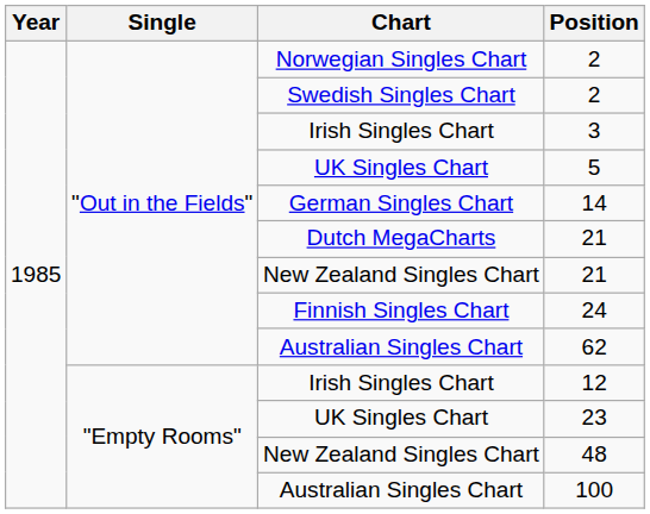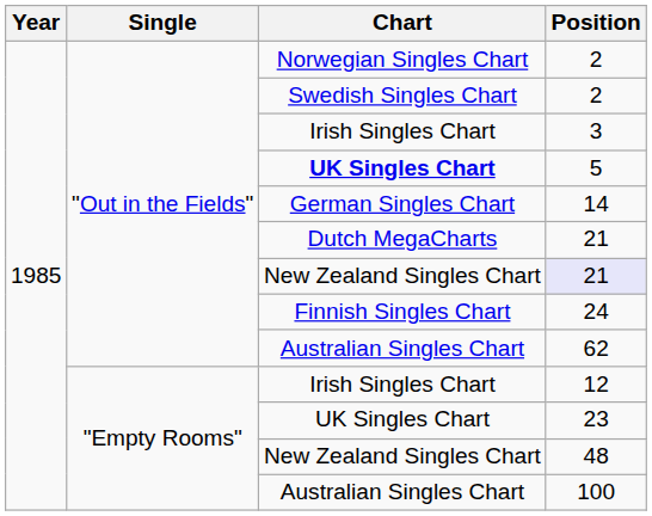 <table class="wikitable">
 <tr>
 <th>Year</th>
 <th>Single</th>
 <th>Chart</th>
 <th>Position</th>
 </tr>
 <tr>
 <td align="center" rowspan="13">1985</td>
 <td align="center" rowspan="9">"<a href='#'>Out in the Fields</a>"</td>
 <td align="center"><a href='#'>Norwegian Singles Chart</a></td>
 <td align="center">2</td>
 </tr>
 <tr>
 <td align="center"><a href='#'>Swedish Singles Chart</a></td>
 <td align="center">2</td>
 </tr>
 <tr>
 <td align="center">Irish Singles Chart</td>
 <td align="center">3</td>
 </tr>
 <tr>
-<td align="center"><a href='#'>UK Singles Chart</a></td>
+<td align="center"><strong><a href='#'>UK Singles Chart</a></strong></td>
 <td align="center">5</td>
 </tr>
 <tr>
 <td align="center"><a href='#'>German Singles Chart</a></td>
 <td align="center">14</td>
 </tr>
 <tr>
 <td align="center"><a href='#'>Dutch MegaCharts</a></td>
 <td align="center">21</td>
 </tr>
 <tr>
 <td align="center">New Zealand Singles Chart</td>
-<td align="center">21</td>
+<td align="center" style="background: lavender;">21</td>
 </tr>
 <tr>
 <td align="center"><a href='#'>Finnish Singles Chart</a></td>
 <td align="center">24</td>
 </tr>
 <tr>
 <td align="center"><a href='#'>Australian Singles Chart</a></td>
 <td align="center">62</td>
 </tr>
 <tr>
 <td align="center" rowspan="4">"Empty Rooms"</td>
 <td align="center">Irish Singles Chart</td>
 <td align="center">12</td>
 </tr>
 <tr>
 <td align="center">UK Singles Chart</td>
 <td align="center">23</td>
 </tr>
 <tr>
 <td align="center">New Zealand Singles Chart</td>
 <td align="center">48</td>
 </tr>
 <tr>
 <td align="center">Australian Singles Chart</td>
 <td align="center">100</td>
 </tr>
 </table>
